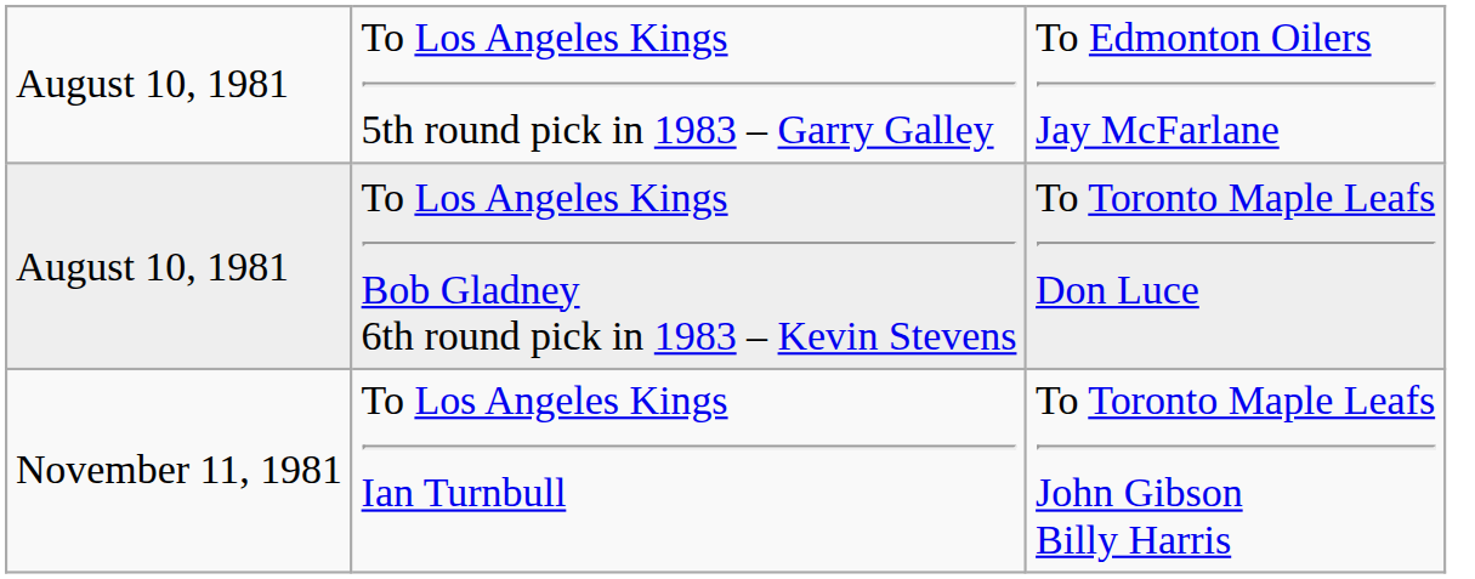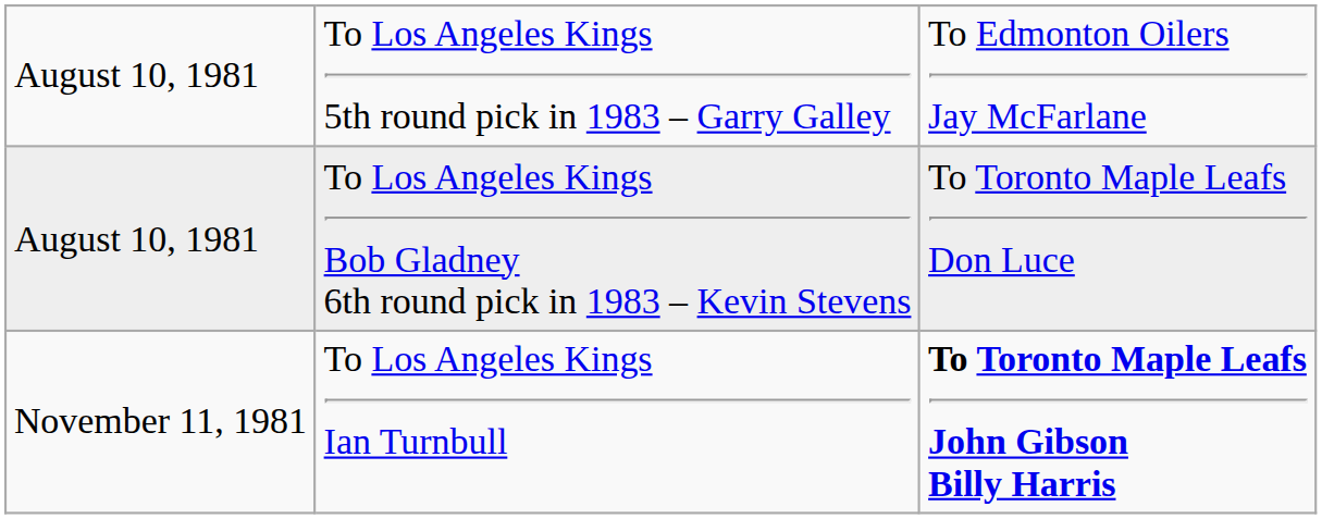 <table class="wikitable">
 <tr>
 <td>August 10, 1981</td>
 <td valign="top">To <a href='#'>Los Angeles Kings</a><hr>5th round pick in <a href='#'>1983</a> – <a href='#'>Garry Galley</a></td>
 <td valign="top">To <a href='#'>Edmonton Oilers</a><hr><a href='#'>Jay McFarlane</a></td>
 </tr>
 <tr style="background:#eee;">
 <td>August 10, 1981</td>
 <td valign="top">To <a href='#'>Los Angeles Kings</a><hr><a href='#'>Bob Gladney</a> <br> 6th round pick in <a href='#'>1983</a> – <a href='#'>Kevin Stevens</a></td>
 <td valign="top">To <a href='#'>Toronto Maple Leafs</a><hr><a href='#'>Don Luce</a></td>
 </tr>
 <tr>
 <td>November 11, 1981</td>
 <td valign="top">To <a href='#'>Los Angeles Kings</a><hr><a href='#'>Ian Turnbull</a></td>
-<td valign="top">To <a href='#'>Toronto Maple Leafs</a><hr><a href='#'>John Gibson</a> <br> <a href='#'>Billy Harris</a></td>
+<td valign="top"><strong>To <a href='#'>Toronto Maple Leafs</a><hr><a href='#'>John Gibson</a> <br> <a href='#'>Billy Harris</a></strong></td>
 </tr>
 </table>
